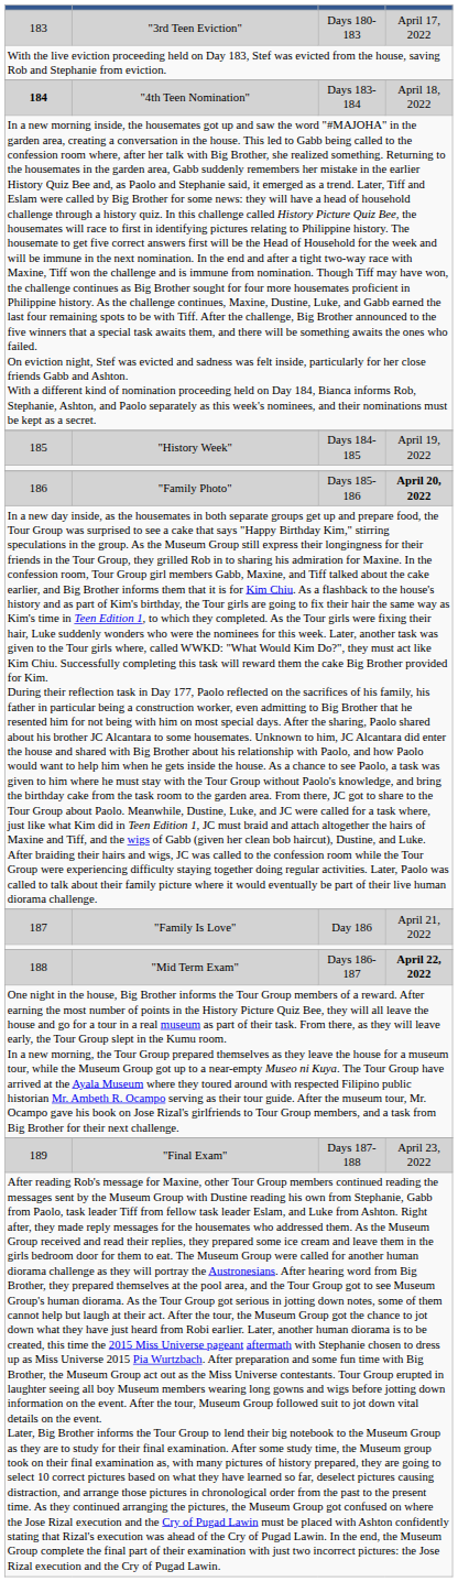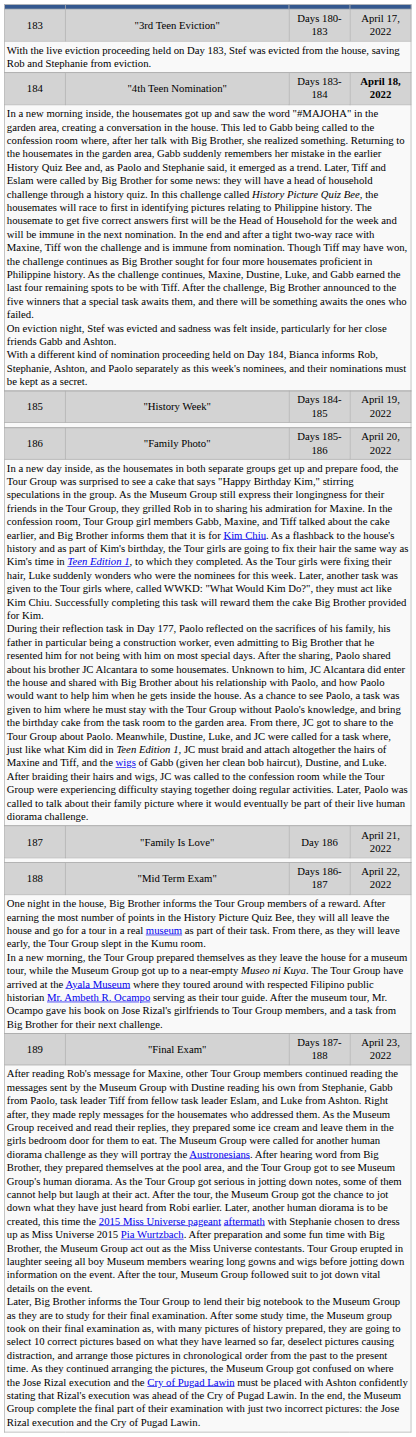 <table class="wikitable sortable" style="font-size:100%; line-height:20px; text-align:center">
 <tr>
 <th width="15%" style="background:#34588F"></th>
 <th width="55%" style="background:#34588F"></th>
 <th width="15%" style="background:#34588F"></th>
 <th width="15%" style="background:#34588F"></th>
 </tr>
 <tr style="background:lightgrey;">
 <td>183</td>
 <td>"3rd Teen Eviction"</td>
 <td>Days 180-183</td>
 <td>April 17, 2022</td>
 </tr>
 <tr>
 <td colspan="4" align="left">With the live eviction proceeding held on Day 183, Stef was evicted from the house, saving Rob and Stephanie from eviction.</td>
 </tr>
 <tr>
 </tr>
 <tr style="background:lightgrey;">
-<td><strong>184</strong></td>
+<td>184</td>
 <td>"4th Teen Nomination"</td>
 <td>Days 183-184</td>
-<td>April 18, 2022</td>
+<td><strong>April 18, 2022</strong></td>
 </tr>
 <tr>
 <td colspan="4" align="left">In a new morning inside, the housemates got up and saw the word "#MAJOHA" in the garden area, creating a conversation in the house. This led to Gabb being called to the confession room where, after her talk with Big Brother, she realized something. Returning to the housemates in the garden area, Gabb suddenly remembers her mistake in the earlier History Quiz Bee and, as Paolo and Stephanie said, it emerged as a trend. Later, Tiff and Eslam were called by Big Brother for some news: they will have a head of household challenge through a history quiz. In this challenge called <em>History Picture Quiz Bee</em>, the housemates will race to first in identifying pictures relating to Philippine history. The housemate to get five correct answers first will be the Head of Household for the week and will be immune in the next nomination. In the end and after a tight two-way race with Maxine, Tiff won the challenge and is immune from nomination. Though Tiff may have won, the challenge continues as Big Brother sought for four more housemates proficient in Philippine history. As the challenge continues, Maxine, Dustine, Luke, and Gabb earned the last four remaining spots to be with Tiff. After the challenge, Big Brother announced to the five winners that a special task awaits them, and there will be something awaits the ones who failed.<br>On eviction night, Stef was evicted and sadness was felt inside, particularly for her close friends Gabb and Ashton.<br>With a different kind of nomination proceeding held on Day 184, Bianca informs Rob, Stephanie, Ashton, and Paolo separately as this week's nominees, and their nominations must be kept as a secret.</td>
 </tr>
 <tr>
 </tr>
 <tr style="background:lightgrey;">
 <td>185</td>
 <td>"History Week"</td>
 <td>Days 184-185</td>
 <td>April 19, 2022</td>
 </tr>
 <tr>
 <td colspan="4" align="left"></td>
 </tr>
 <tr>
 </tr>
 <tr style="background:lightgrey;">
 <td>186</td>
 <td>"Family Photo"</td>
 <td>Days 185-186</td>
-<td><strong>April 20, 2022</strong></td>
+<td>April 20, 2022</td>
 </tr>
 <tr>
 <td colspan="4" align="left">In a new day inside, as the housemates in both separate groups get up and prepare food, the Tour Group was surprised to see a cake that says "Happy Birthday Kim," stirring speculations in the group. As the Museum Group still express their longingness for their friends in the Tour Group, they grilled Rob in to sharing his admiration for Maxine. In the confession room, Tour Group girl members Gabb, Maxine, and Tiff talked about the cake earlier, and Big Brother informs them that it is for <a href='#'>Kim Chiu</a>. As a flashback to the house's history and as part of Kim's birthday, the Tour girls are going to fix their hair the same way as Kim's time in <em><a href='#'>Teen Edition 1</a></em>, to which they completed. As the Tour girls were fixing their hair, Luke suddenly wonders who were the nominees for this week. Later, another task was given to the Tour girls where, called WWKD: "What Would Kim Do?", they must act like Kim Chiu. Successfully completing this task will reward them the cake Big Brother provided for Kim.<br>During their reflection task in Day 177, Paolo reflected on the sacrifices of his family, his father in particular being a construction worker, even admitting to Big Brother that he resented him for not being with him on most special days. After the sharing, Paolo shared about his brother JC Alcantara to some housemates. Unknown to him, JC Alcantara did enter the house and shared with Big Brother about his relationship with Paolo, and how Paolo would want to help him when he gets inside the house. As a chance to see Paolo, a task was given to him where he must stay with the Tour Group without Paolo's knowledge, and bring the birthday cake from the task room to the garden area. From there, JC got to share to the Tour Group about Paolo. Meanwhile, Dustine, Luke, and JC were called for a task where, just like what Kim did in <em>Teen Edition 1</em>, JC must braid and attach altogether the hairs of Maxine and Tiff, and the <a href='#'>wigs</a> of Gabb (given her clean bob haircut), Dustine, and Luke. After braiding their hairs and wigs, JC was called to the confession room while the Tour Group were experiencing difficulty staying together doing regular activities. Later, Paolo was called to talk about their family picture where it would eventually be part of their live human diorama challenge.</td>
 </tr>
 <tr>
 </tr>
 <tr style="background:lightgrey;">
 <td>187</td>
 <td>"Family Is Love"</td>
 <td>Day 186</td>
 <td>April 21, 2022</td>
 </tr>
 <tr>
 <td colspan="4" align="left"></td>
 </tr>
 <tr>
 </tr>
 <tr style="background:lightgrey;">
 <td>188</td>
 <td>"Mid Term Exam"</td>
 <td>Days 186-187</td>
-<td><strong>April 22, 2022</strong></td>
+<td>April 22, 2022</td>
 </tr>
 <tr>
 <td colspan="4" align="left">One night in the house, Big Brother informs the Tour Group members of a reward. After earning the most number of points in the History Picture Quiz Bee, they will all leave the house and go for a tour in a real <a href='#'>museum</a> as part of their task. From there, as they will leave early, the Tour Group slept in the Kumu room.<br>In a new morning, the Tour Group prepared themselves as they leave the house for a museum tour, while the Museum Group got up to a near-empty <em>Museo ni Kuya</em>. The Tour Group have arrived at the <a href='#'>Ayala Museum</a> where they toured around with respected Filipino public historian <a href='#'>Mr. Ambeth R. Ocampo</a> serving as their tour guide. After the museum tour, Mr. Ocampo gave his book on Jose Rizal's girlfriends to Tour Group members, and a task from Big Brother for their next challenge.</td>
 </tr>
 <tr>
 </tr>
 <tr style="background:lightgrey;">
 <td>189</td>
 <td>"Final Exam"</td>
 <td>Days 187-188</td>
 <td>April 23, 2022</td>
 </tr>
 <tr>
 <td colspan="4" align="left">After reading Rob's message for Maxine, other Tour Group members continued reading the messages sent by the Museum Group with Dustine reading his own from Stephanie, Gabb from Paolo, task leader Tiff from fellow task leader Eslam, and Luke from Ashton. Right after, they made reply messages for the housemates who addressed them. As the Museum Group received and read their replies, they prepared some ice cream and leave them in the girls bedroom door for them to eat. The Museum Group were called for another human diorama challenge as they will portray the <a href='#'>Austronesians</a>. After hearing word from Big Brother, they prepared themselves at the pool area, and the Tour Group got to see Museum Group's human diorama. As the Tour Group got serious in jotting down notes, some of them cannot help but laugh at their act. After the tour, the Museum Group got the chance to jot down what they have just heard from Robi earlier. Later, another human diorama is to be created, this time the <a href='#'>2015 Miss Universe pageant</a> <a href='#'>aftermath</a> with Stephanie chosen to dress up as Miss Universe 2015 <a href='#'>Pia Wurtzbach</a>. After preparation and some fun time with Big Brother, the Museum Group act out as the Miss Universe contestants. Tour Group erupted in laughter seeing all boy Museum members wearing long gowns and wigs before jotting down information on the event. After the tour, Museum Group followed suit to jot down vital details on the event.<br>Later, Big Brother informs the Tour Group to lend their big notebook to the Museum Group as they are to study for their final examination. After some study time, the Museum group took on their final examination as, with many pictures of history prepared, they are going to select 10 correct pictures based on what they have learned so far, deselect pictures causing distraction, and arrange those pictures in chronological order from the past to the present time. As they continued arranging the pictures, the Museum Group got confused on where the Jose Rizal execution and the <a href='#'>Cry of Pugad Lawin</a> must be placed with Ashton confidently stating that Rizal's execution was ahead of the Cry of Pugad Lawin. In the end, the Museum Group complete the final part of their examination with just two incorrect pictures: the Jose Rizal execution and the Cry of Pugad Lawin.</td>
 </tr>
 </table>
